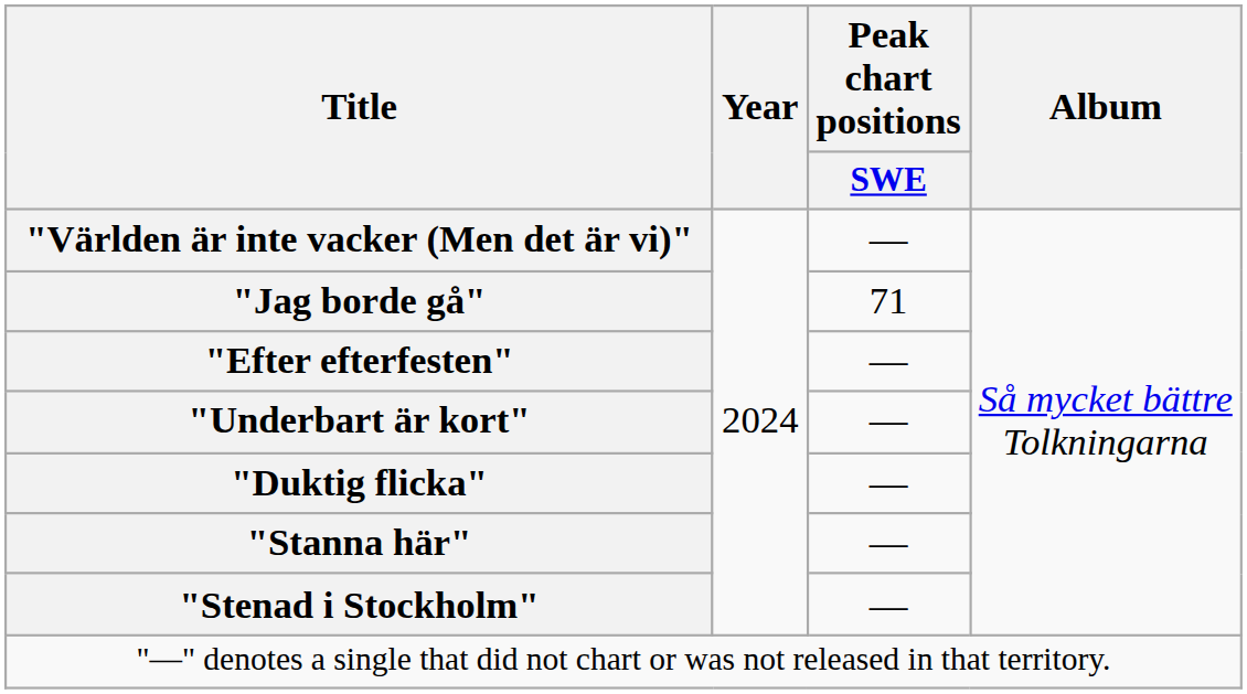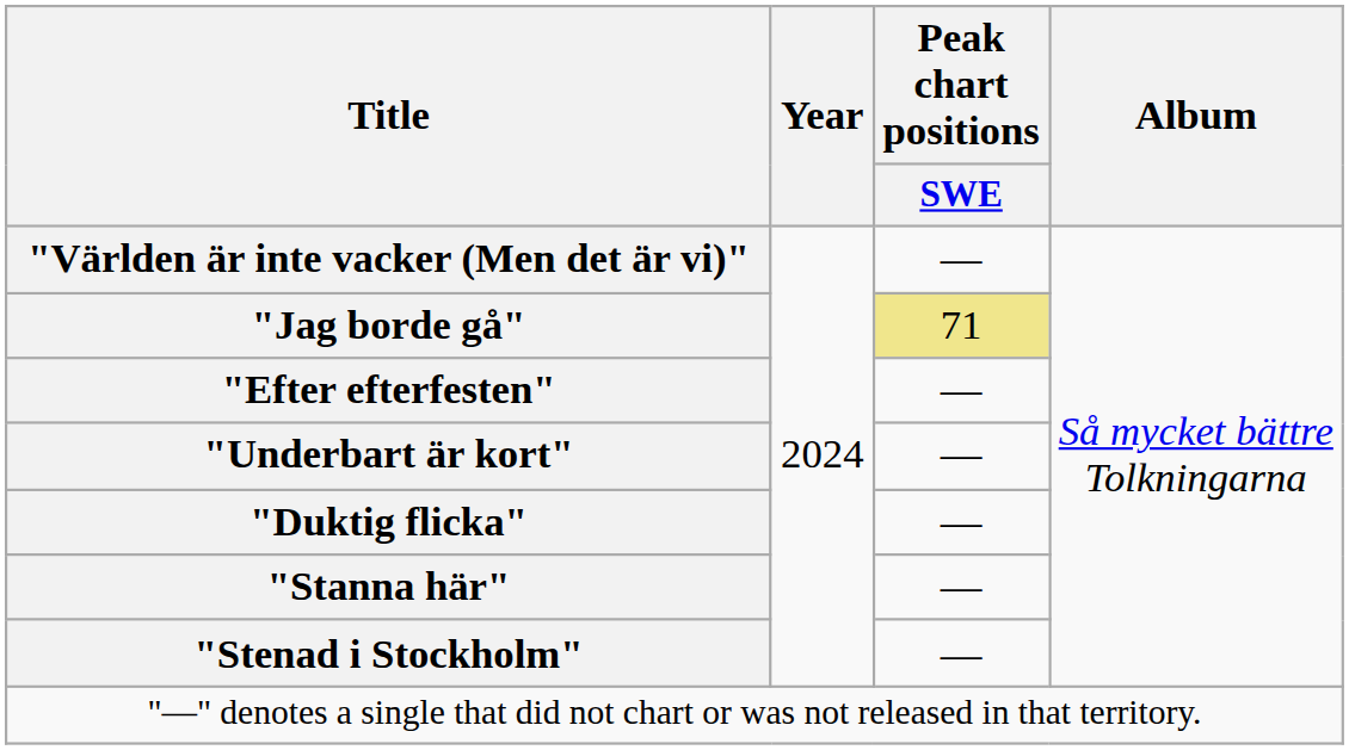 <table class="wikitable plainrowheaders" style="text-align:center;">
 <tr>
 <th scope="col" rowspan="2" style="width:18em;">Title</th>
 <th scope="col" rowspan="2">Year</th>
 <th scope="col" colspan="1">Peak chart positions</th>
 <th scope="col" rowspan="2">Album</th>
 </tr>
 <tr>
 <th scope="col" style="width:3em;font-size:90%;"><a href='#'>SWE</a><br></th>
 </tr>
 <tr>
 <th scope="row">"Världen är inte vacker (Men det är vi)"<br></th>
 <td rowspan="7">2024</td>
 <td>—</td>
 <td rowspan="7"><em><a href='#'>Så mycket bättre</a></em><br><em>Tolkningarna</em></td>
 </tr>
 <tr>
 <th scope="row">"Jag borde gå"<br></th>
-<td>71<br></td>
+<td style="background: khaki;">71<br></td>
 </tr>
 <tr>
 <th scope="row">"Efter efterfesten"<br></th>
 <td>—</td>
 </tr>
 <tr>
 <th scope="row">"Underbart är kort"<br></th>
 <td>—</td>
 </tr>
 <tr>
 <th scope="row">"Duktig flicka"<br></th>
 <td>—</td>
 </tr>
 <tr>
 <th scope="row">"Stanna här"<br></th>
 <td>—</td>
 </tr>
 <tr>
 <th scope="row">"Stenad i Stockholm"<br></th>
 <td>—</td>
 </tr>
 <tr>
 <td colspan="4" style="font-size:85%">"—" denotes a single that did not chart or was not released in that territory.</td>
 </tr>
 </table>
